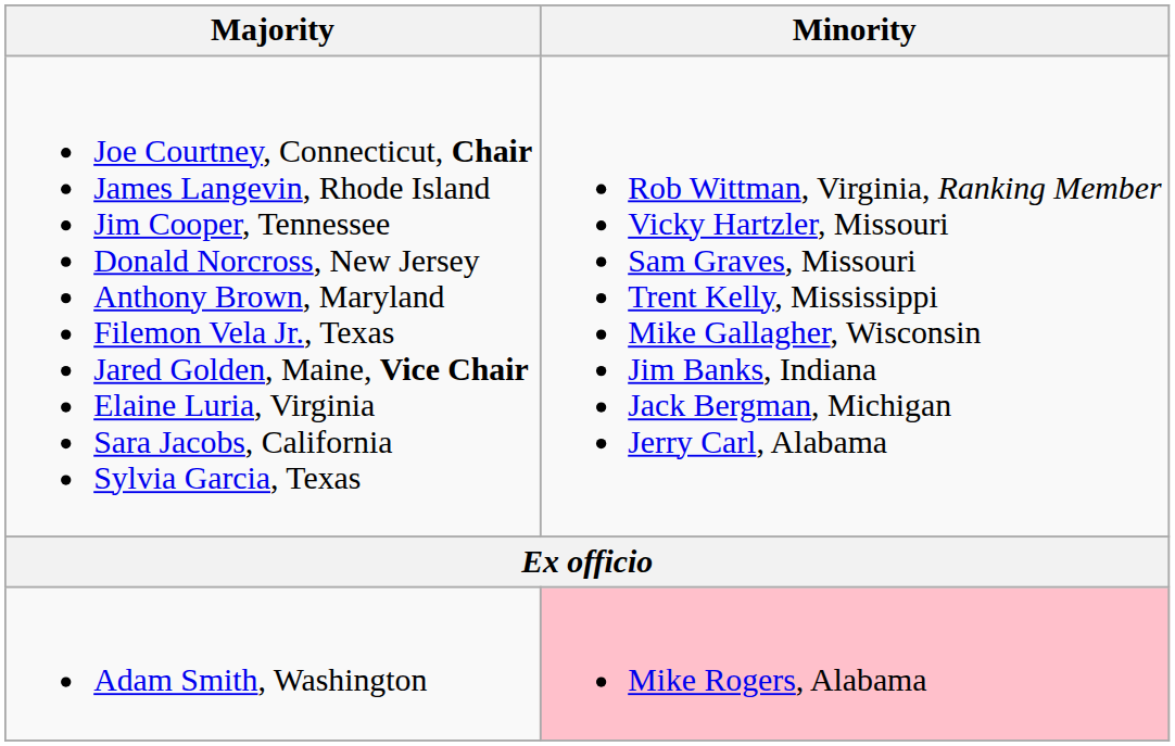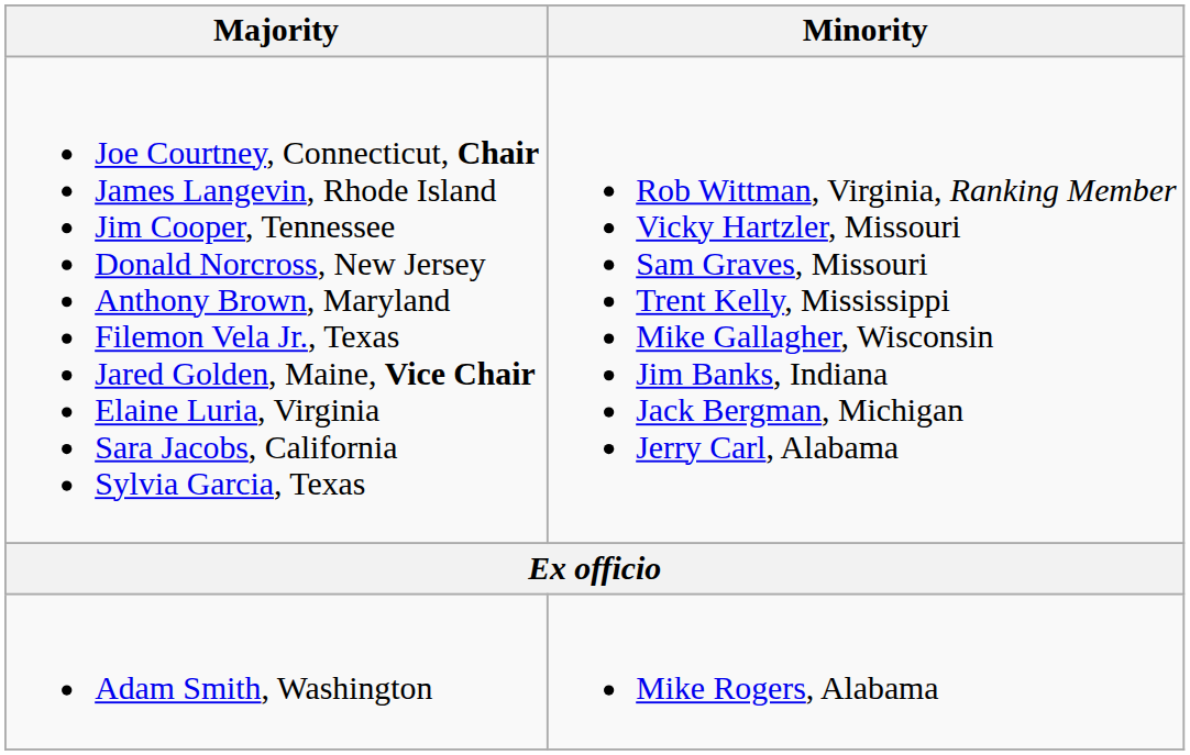 <table class=wikitable>
 <tr>
 <th>Majority</th>
 <th>Minority</th>
 </tr>
 <tr>
 <td><br><ul><li><a href='#'>Joe Courtney</a>, Connecticut, <strong>Chair</strong></li><li><a href='#'>James Langevin</a>, Rhode Island</li><li><a href='#'>Jim Cooper</a>, Tennessee</li><li><a href='#'>Donald Norcross</a>, New Jersey</li><li><a href='#'>Anthony Brown</a>, Maryland</li><li><a href='#'>Filemon Vela Jr.</a>, Texas</li><li><a href='#'>Jared Golden</a>, Maine, <strong>Vice Chair</strong></li><li><a href='#'>Elaine Luria</a>, Virginia</li><li><a href='#'>Sara Jacobs</a>, California</li><li><a href='#'>Sylvia Garcia</a>, Texas</li></ul></td>
 <td><br><ul><li><a href='#'>Rob Wittman</a>, Virginia, <em>Ranking Member</em></li><li><a href='#'>Vicky Hartzler</a>, Missouri</li><li><a href='#'>Sam Graves</a>, Missouri</li><li><a href='#'>Trent Kelly</a>, Mississippi</li><li><a href='#'>Mike Gallagher</a>, Wisconsin</li><li><a href='#'>Jim Banks</a>, Indiana</li><li><a href='#'>Jack Bergman</a>, Michigan</li><li><a href='#'>Jerry Carl</a>, Alabama</li></ul></td>
 </tr>
 <tr>
 <th colspan=2><em>Ex officio</em></th>
 </tr>
 <tr>
 <td><br><ul><li><a href='#'>Adam Smith</a>, Washington</li></ul></td>
-<td style="background: pink;"><br><ul><li><a href='#'>Mike Rogers</a>, Alabama</li></ul></td>
+<td><br><ul><li><a href='#'>Mike Rogers</a>, Alabama</li></ul></td>
 </tr>
 </table>
